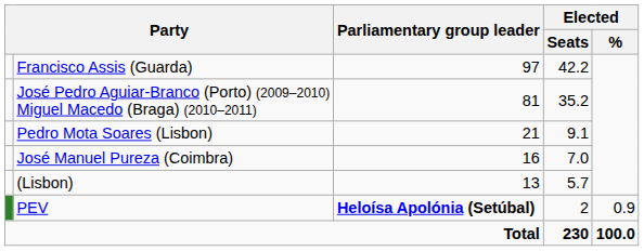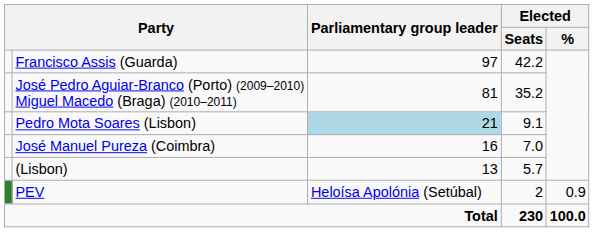 <table class="wikitable" style="text-align:right; font-size:95%;">
 <tr>
 <th colspan="2" rowspan="2">Party</th>
 <th rowspan="2">Parliamentary group leader</th>
 <th colspan="2">Elected</th>
 </tr>
 <tr>
 <th>Seats</th>
 <th>%</th>
 </tr>
 <tr>
 <td></td>
 <td align="left"><a href='#'>Francisco Assis</a> (Guarda)</td>
 <td align="right">97</td>
 <td align="right">42.2</td>
 </tr>
 <tr>
 <td></td>
 <td align="left"><a href='#'>José Pedro Aguiar-Branco</a> (Porto) <small>(2009–2010)</small><br><a href='#'>Miguel Macedo</a> (Braga) <small>(2010–2011)</small></td>
 <td align="right">81</td>
 <td align="right">35.2</td>
 </tr>
 <tr>
 <td></td>
 <td align="left"><a href='#'>Pedro Mota Soares</a> (Lisbon)</td>
-<td align="right">21</td>
+<td align="right" style="background: lightblue;">21</td>
 <td align="right">9.1</td>
 </tr>
 <tr>
 <td></td>
 <td align="left"><a href='#'>José Manuel Pureza</a> (Coimbra)</td>
 <td align="right">16</td>
 <td align="right">7.0</td>
 </tr>
 <tr>
 <td></td>
 <td align="left"> (Lisbon)</td>
 <td align="right">13</td>
 <td align="right">5.7</td>
 </tr>
 <tr>
 <td style="width:1px; background:#2C8028; text-align:center;"></td>
 <td style="text-align:left;"><a href='#'>PEV</a></td>
-<td align="left"><strong><a href='#'>Heloísa Apolónia</a> (Setúbal)</strong></td>
+<td align="left"><a href='#'>Heloísa Apolónia</a> (Setúbal)</td>
 <td align="right">2</td>
 <td align="right">0.9</td>
 </tr>
 <tr>
 <td colspan="3"> <strong>Total</strong></td>
 <td align="right"><strong>230</strong></td>
 <td align="right"><strong>100.0</strong></td>
 </tr>
 </table>
